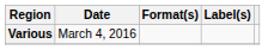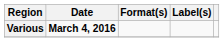 <table class="wikitable plainrowheaders">
 <tr>
 <th>Region</th>
 <th>Date</th>
 <th>Format(s)</th>
 <th>Label(s)</th>
 <th></th>
 </tr>
 <tr>
 <th scope="row">Various</th>
-<td>March 4, 2016</td>
+<td><strong>March 4, 2016</strong></td>
 <td></td>
 <td></td>
 <td></td>
 </tr>
 <tr>
 </tr>
 </table>
